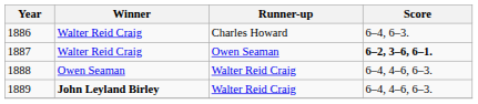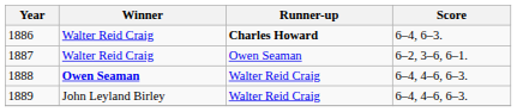 <table class="wikitable" style="font-size:98%;">
 <tr>
 <th style="width:60px;">Year</th>
 <th style="width:200px;">Winner</th>
 <th style="width:200px;">Runner-up</th>
 <th style="width:140px;">Score</th>
 </tr>
 <tr>
 <td>1886</td>
 <td> <a href='#'>Walter Reid Craig</a></td>
-<td> Charles Howard</td>
+<td><strong> Charles Howard</strong></td>
 <td>6–4, 6–3.</td>
 </tr>
 <tr>
 <td>1887</td>
 <td> <a href='#'>Walter Reid Craig</a></td>
 <td> <a href='#'>Owen Seaman</a></td>
-<td><strong>6–2, 3–6, 6–1.</strong></td>
+<td>6–2, 3–6, 6–1.</td>
 </tr>
 <tr>
 <td>1888</td>
-<td> <a href='#'>Owen Seaman</a></td>
+<td><strong> <a href='#'>Owen Seaman</a></strong></td>
 <td> <a href='#'>Walter Reid Craig</a></td>
 <td>6–4, 4–6, 6–3.</td>
 </tr>
 <tr>
 <td>1889</td>
-<td><strong> John Leyland Birley</strong></td>
+<td> John Leyland Birley</td>
 <td> <a href='#'>Walter Reid Craig</a></td>
 <td>6–4, 4–6, 6–3.</td>
 </tr>
 <tr>
 </tr>
 </table>
